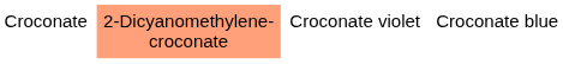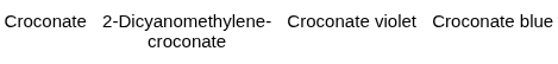 <table border=0 cellborder=0 cellpadding=6px>
 <tr valign=middle>
 <td align=center></td>
 <td align=center></td>
 <td align=center></td>
 <td align=center></td>
 </tr>
 <tr valign=top>
 <td align=center>Croconate</td>
-<td align=center style="background: lightsalmon;">2-Dicyanomethylene-<br>croconate</td>
+<td align=center>2-Dicyanomethylene-<br>croconate</td>
 <td align=center>Croconate violet</td>
 <td align=center>Croconate blue</td>
 </tr>
 </table>
